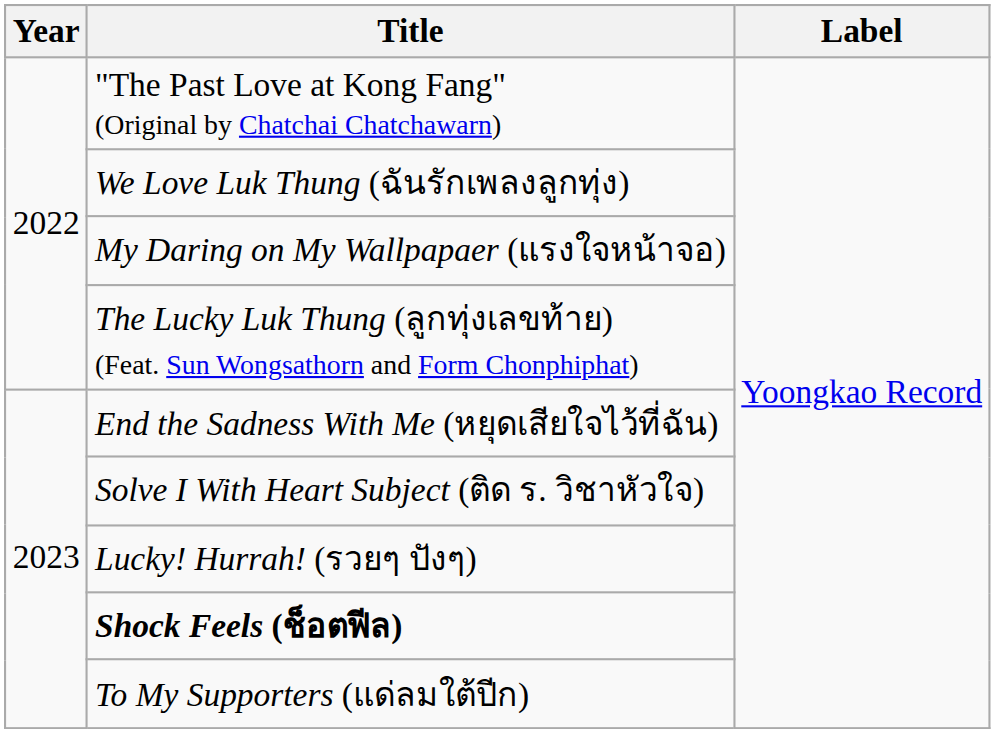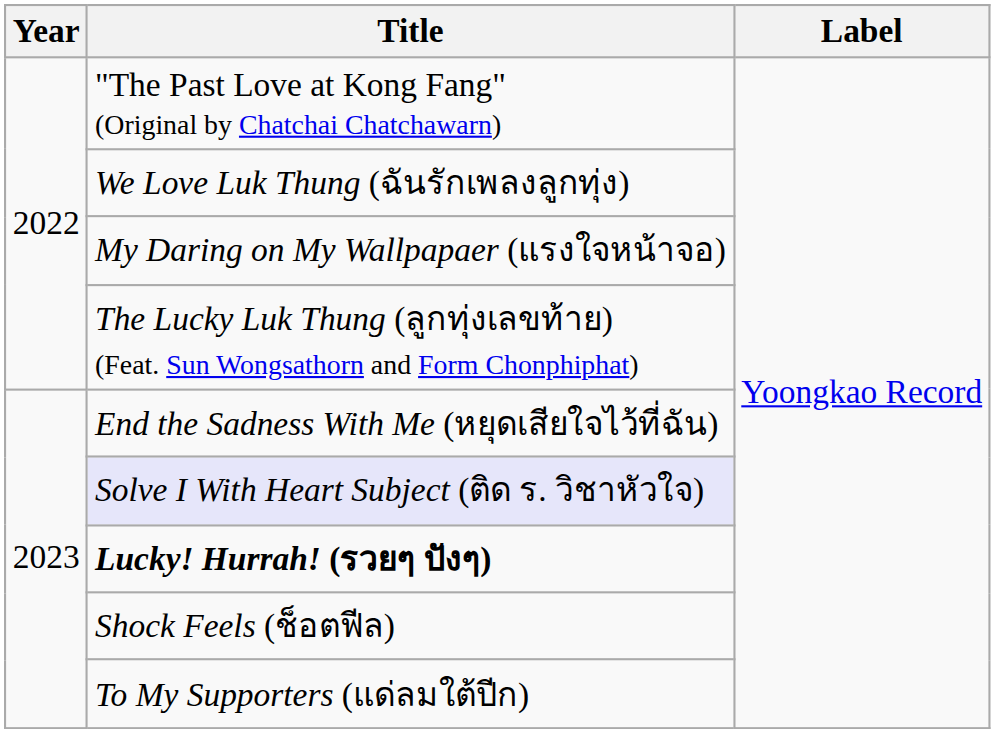 <table class="wikitable">
 <tr>
 <th>Year</th>
 <th>Title</th>
 <th>Label</th>
 </tr>
 <tr>
 <td rowspan="4">2022</td>
 <td>"The Past Love at Kong Fang"<br><small>(Original by <a href='#'>Chatchai Chatchawarn</a>)</small></td>
 <td rowspan="9"><a href='#'>Yoongkao Record</a></td>
 </tr>
 <tr>
 <td><em>We Love Luk Thung</em> (ฉันรักเพลงลูกทุ่ง)</td>
 </tr>
 <tr>
 <td><em>My Daring on My Wallpapaer</em> (แรงใจหน้าจอ)</td>
 </tr>
 <tr>
 <td><em>The Lucky Luk Thung</em> (ลูกทุ่งเลขท้าย)<br><small>(Feat. <a href='#'>Sun Wongsathorn</a> and <a href='#'>Form Chonphiphat</a>)</small></td>
 </tr>
 <tr>
 <td rowspan="5">2023</td>
 <td><em>End the Sadness With Me</em> (หยุดเสียใจไว้ที่ฉัน)</td>
 </tr>
 <tr>
-<td><em>Solve I With Heart Subject</em> (ติด ร. วิชาหัวใจ)</td>
+<td style="background: lavender;"><em>Solve I With Heart Subject</em> (ติด ร. วิชาหัวใจ)</td>
 </tr>
 <tr>
-<td><em>Lucky! Hurrah!</em> (รวยๆ ปังๆ)</td>
+<td><strong><em>Lucky! Hurrah!</em> (รวยๆ ปังๆ)</strong></td>
 </tr>
 <tr>
-<td><strong><em>Shock Feels</em> (ช็อตฟีล)</strong></td>
+<td><em>Shock Feels</em> (ช็อตฟีล)</td>
 </tr>
 <tr>
 <td><em>To My Supporters</em> (แด่ลมใต้ปีก)</td>
 </tr>
 </table>
